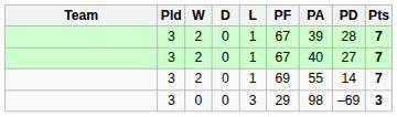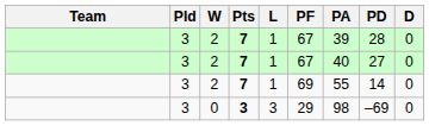 <table class="wikitable" style="text-align:center;">
 <tr>
 <th width=175>Team</th>
 <th width=25 abbr="Played">Pld</th>
 <th width=25 abbr="Won">W</th>
-<th width=25 abbr="Drawn">D</th>
+<th width=25 abbr="Points">Pts</th>
 <th width=25 abbr="Lost">L</th>
 <th width=32 abbr="Points for">PF</th>
 <th width=32 abbr="Points against">PA</th>
 <th width=32 abbr="Points difference">PD</th>
-<th width=25 abbr="Points">Pts</th>
+<th width=25 abbr="Drawn">D</th>
 </tr>
 <tr style="background:#cfc;">
 <td align=left></td>
 <td>3</td>
 <td>2</td>
-<td>0</td>
+<td><strong>7</strong></td>
 <td>1</td>
 <td>67</td>
 <td>39</td>
 <td>28</td>
-<td><strong>7</strong></td>
+<td>0</td>
 </tr>
 <tr style="background:#cfc;">
 <td align=left></td>
 <td>3</td>
 <td>2</td>
-<td>0</td>
+<td><strong>7</strong></td>
 <td>1</td>
 <td>67</td>
 <td>40</td>
 <td>27</td>
-<td><strong>7</strong></td>
+<td>0</td>
 </tr>
 <tr>
 <td align=left></td>
 <td>3</td>
 <td>2</td>
-<td>0</td>
+<td><strong>7</strong></td>
 <td>1</td>
 <td>69</td>
 <td>55</td>
 <td>14</td>
-<td><strong>7</strong></td>
+<td>0</td>
 </tr>
 <tr>
 <td align=left></td>
 <td>3</td>
 <td>0</td>
-<td>0</td>
+<td><strong>3</strong></td>
 <td>3</td>
 <td>29</td>
 <td>98</td>
 <td>–69</td>
-<td><strong>3</strong></td>
+<td>0</td>
 </tr>
 </table>
